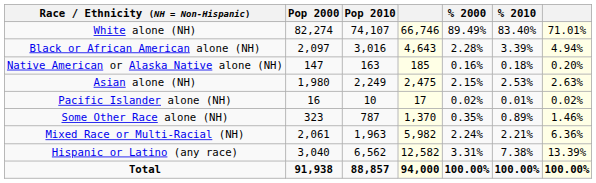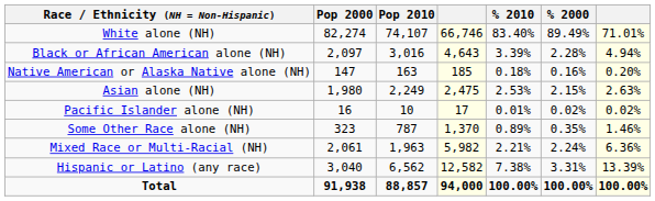 <table class="wikitable" style="text-align:center;">
 <tr>
 <th>Race / Ethnicity <small>(<em>NH = Non-Hispanic</em>)</small></th>
 <th>Pop 2000</th>
 <th>Pop 2010</th>
 <th></th>
+<th>% 2010</th>
 <th>% 2000</th>
-<th>% 2010</th>
 <th></th>
 </tr>
 <tr>
 <td><a href='#'>White</a> alone (NH)</td>
 <td>82,274</td>
 <td>74,107</td>
 <td style='background: #ffffe6;'>66,746</td>
+<td>83.40%</td>
 <td>89.49%</td>
-<td>83.40%</td>
 <td style='background: #ffffe6;'>71.01%</td>
 </tr>
 <tr>
 <td><a href='#'>Black or African American</a> alone (NH)</td>
 <td>2,097</td>
 <td>3,016</td>
 <td style='background: #ffffe6;'>4,643</td>
+<td>3.39%</td>
 <td>2.28%</td>
-<td>3.39%</td>
 <td style='background: #ffffe6;'>4.94%</td>
 </tr>
 <tr>
 <td><a href='#'>Native American</a> or <a href='#'>Alaska Native</a> alone (NH)</td>
 <td>147</td>
 <td>163</td>
 <td style='background: #ffffe6;'>185</td>
+<td>0.18%</td>
 <td>0.16%</td>
-<td>0.18%</td>
 <td style='background: #ffffe6;'>0.20%</td>
 </tr>
 <tr>
 <td><a href='#'>Asian</a> alone (NH)</td>
 <td>1,980</td>
 <td>2,249</td>
 <td style='background: #ffffe6;'>2,475</td>
+<td>2.53%</td>
 <td>2.15%</td>
-<td>2.53%</td>
 <td style='background: #ffffe6;'>2.63%</td>
 </tr>
 <tr>
 <td><a href='#'>Pacific Islander</a> alone (NH)</td>
 <td>16</td>
 <td>10</td>
 <td style='background: #ffffe6;'>17</td>
+<td>0.01%</td>
 <td>0.02%</td>
-<td>0.01%</td>
 <td style='background: #ffffe6;'>0.02%</td>
 </tr>
 <tr>
 <td><a href='#'>Some Other Race</a> alone (NH)</td>
 <td>323</td>
 <td>787</td>
 <td style='background: #ffffe6;'>1,370</td>
+<td>0.89%</td>
 <td>0.35%</td>
-<td>0.89%</td>
 <td style='background: #ffffe6;'>1.46%</td>
 </tr>
 <tr>
 <td><a href='#'>Mixed Race or Multi-Racial</a> (NH)</td>
 <td>2,061</td>
 <td>1,963</td>
 <td style='background: #ffffe6;'>5,982</td>
+<td>2.21%</td>
 <td>2.24%</td>
-<td>2.21%</td>
 <td style='background: #ffffe6;'>6.36%</td>
 </tr>
 <tr>
 <td><a href='#'>Hispanic or Latino</a> (any race)</td>
 <td>3,040</td>
 <td>6,562</td>
 <td style='background: #ffffe6;'>12,582</td>
+<td>7.38%</td>
 <td>3.31%</td>
-<td>7.38%</td>
 <td style='background: #ffffe6;'>13.39%</td>
 </tr>
 <tr>
 <td><strong>Total</strong></td>
 <td><strong>91,938</strong></td>
 <td><strong>88,857</strong></td>
 <td style='background: #ffffe6;'><strong>94,000</strong></td>
 <td><strong>100.00%</strong></td>
 <td><strong>100.00%</strong></td>
 <td style='background: #ffffe6;'><strong>100.00%</strong></td>
 </tr>
 </table>
